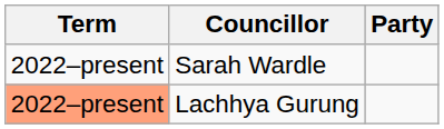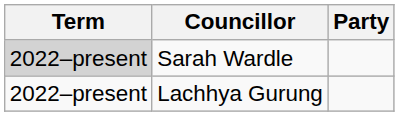 <table class="wikitable">
 <tr>
 <th>Term</th>
 <th>Councillor</th>
 <th colspan=2>Party</th>
 </tr>
 <tr>
-<td>2022–present</td>
+<td style="background: lightgrey;">2022–present</td>
 <td>Sarah Wardle</td>
 <td></td>
 </tr>
 <tr>
-<td style="background: lightsalmon;">2022–present</td>
+<td>2022–present</td>
 <td>Lachhya Gurung</td>
 <td></td>
 </tr>
 </table>
